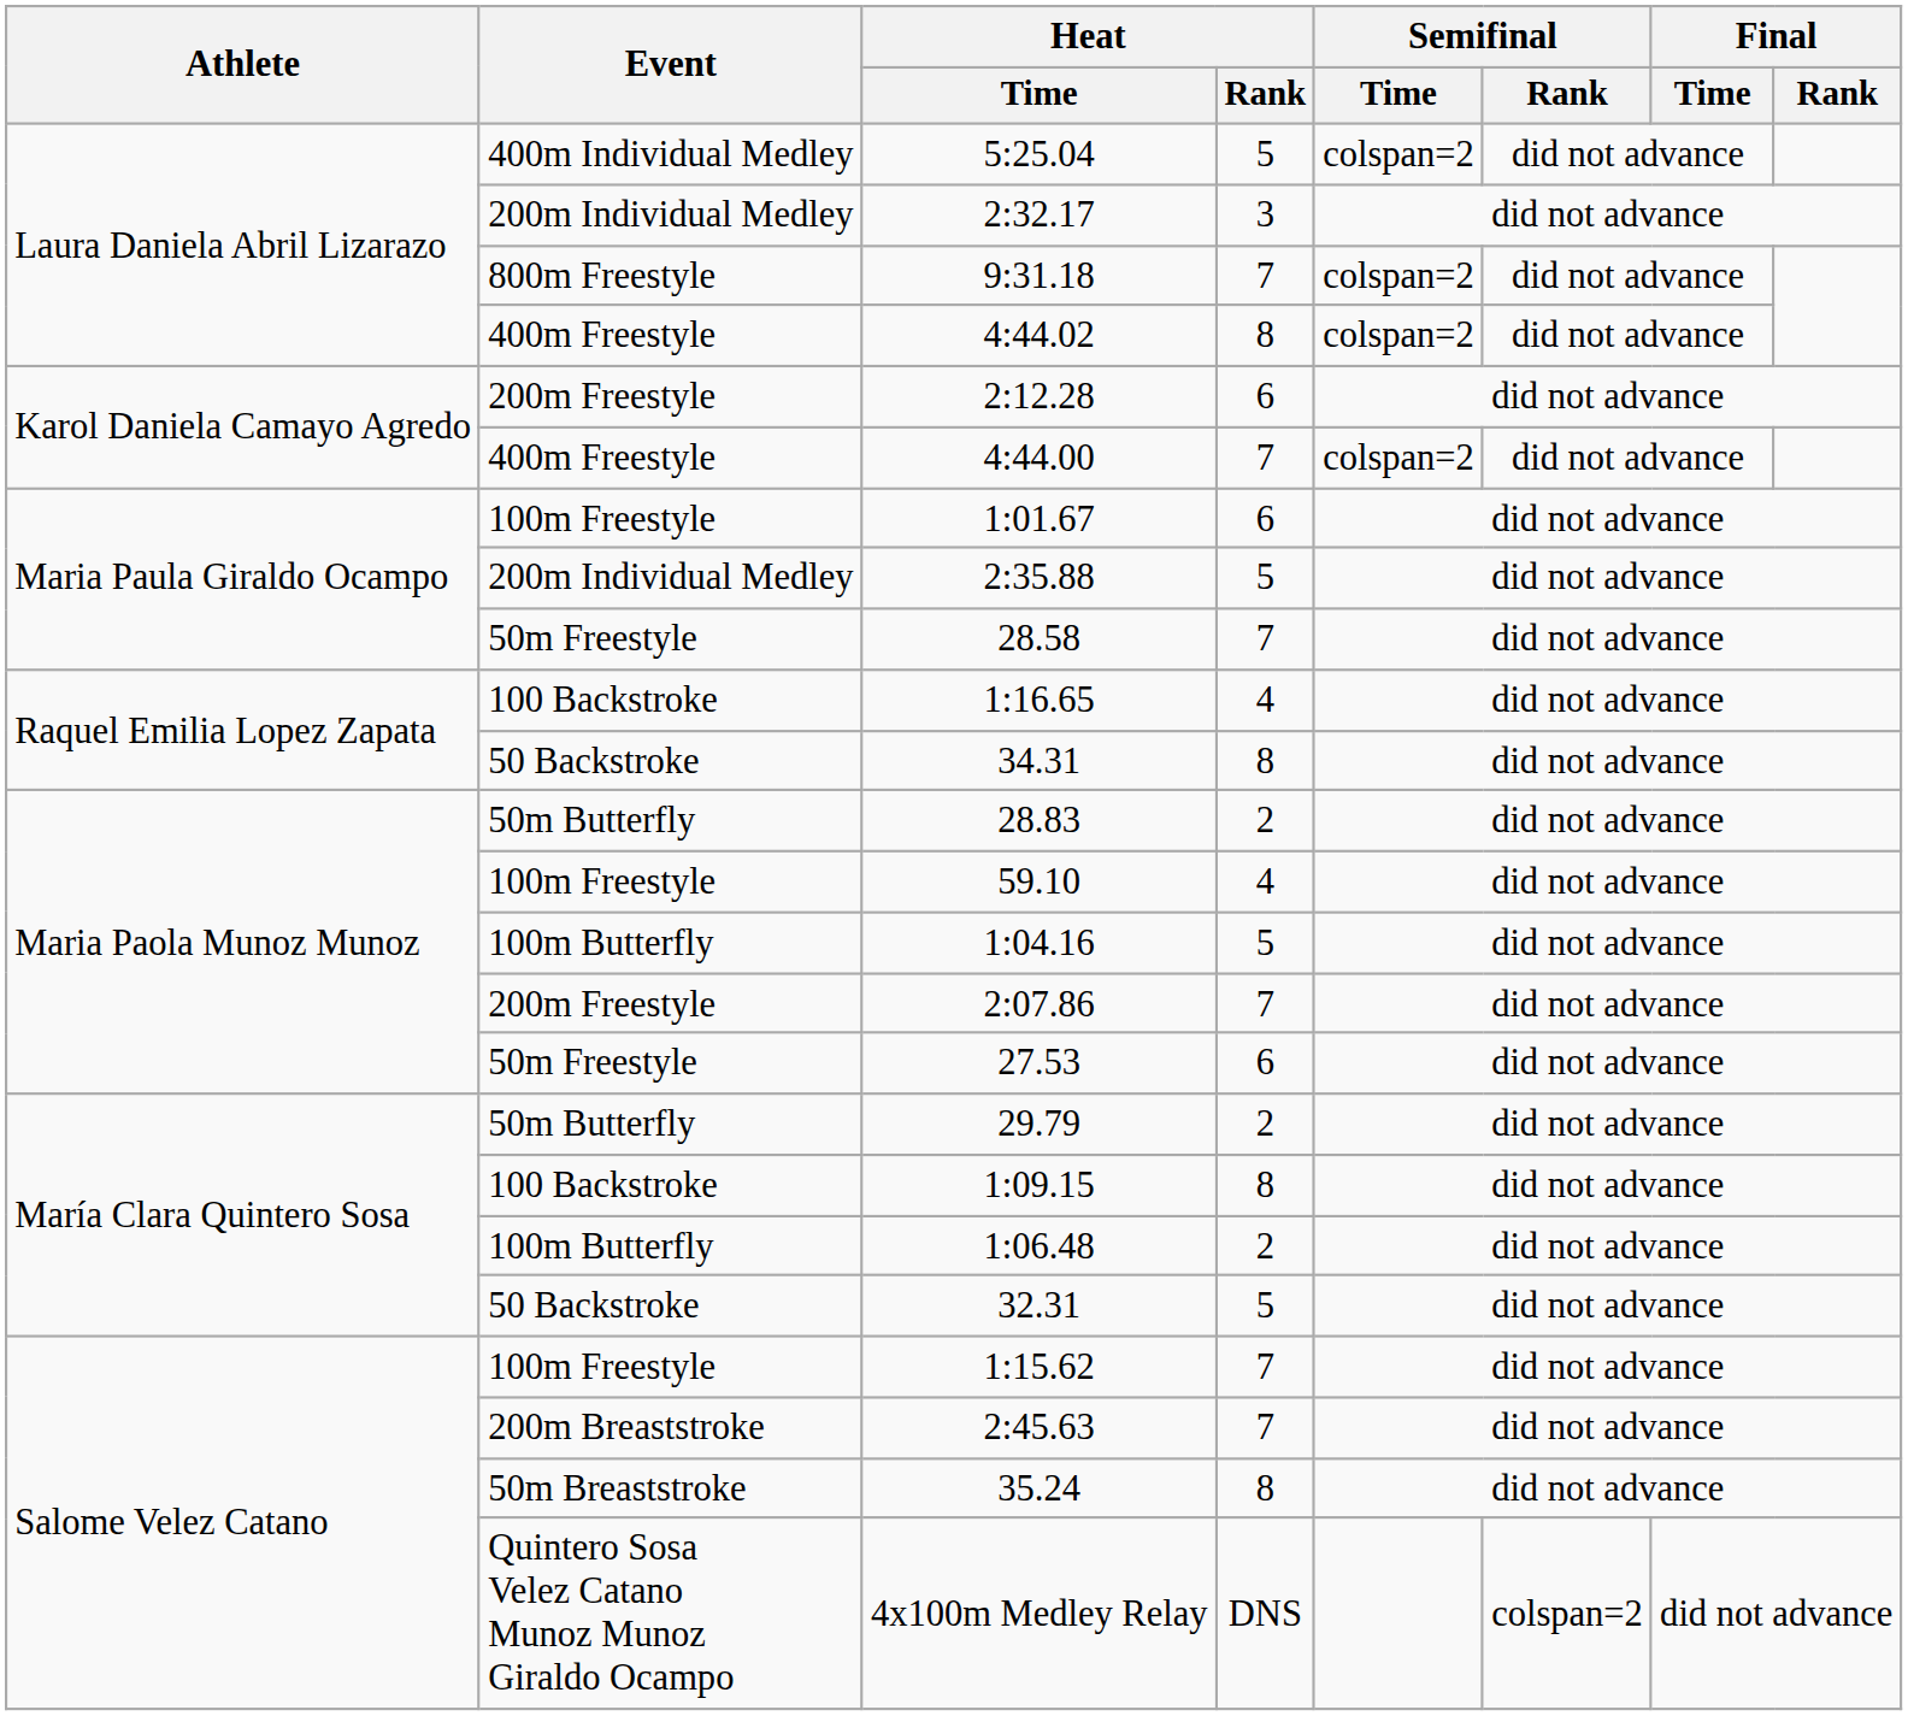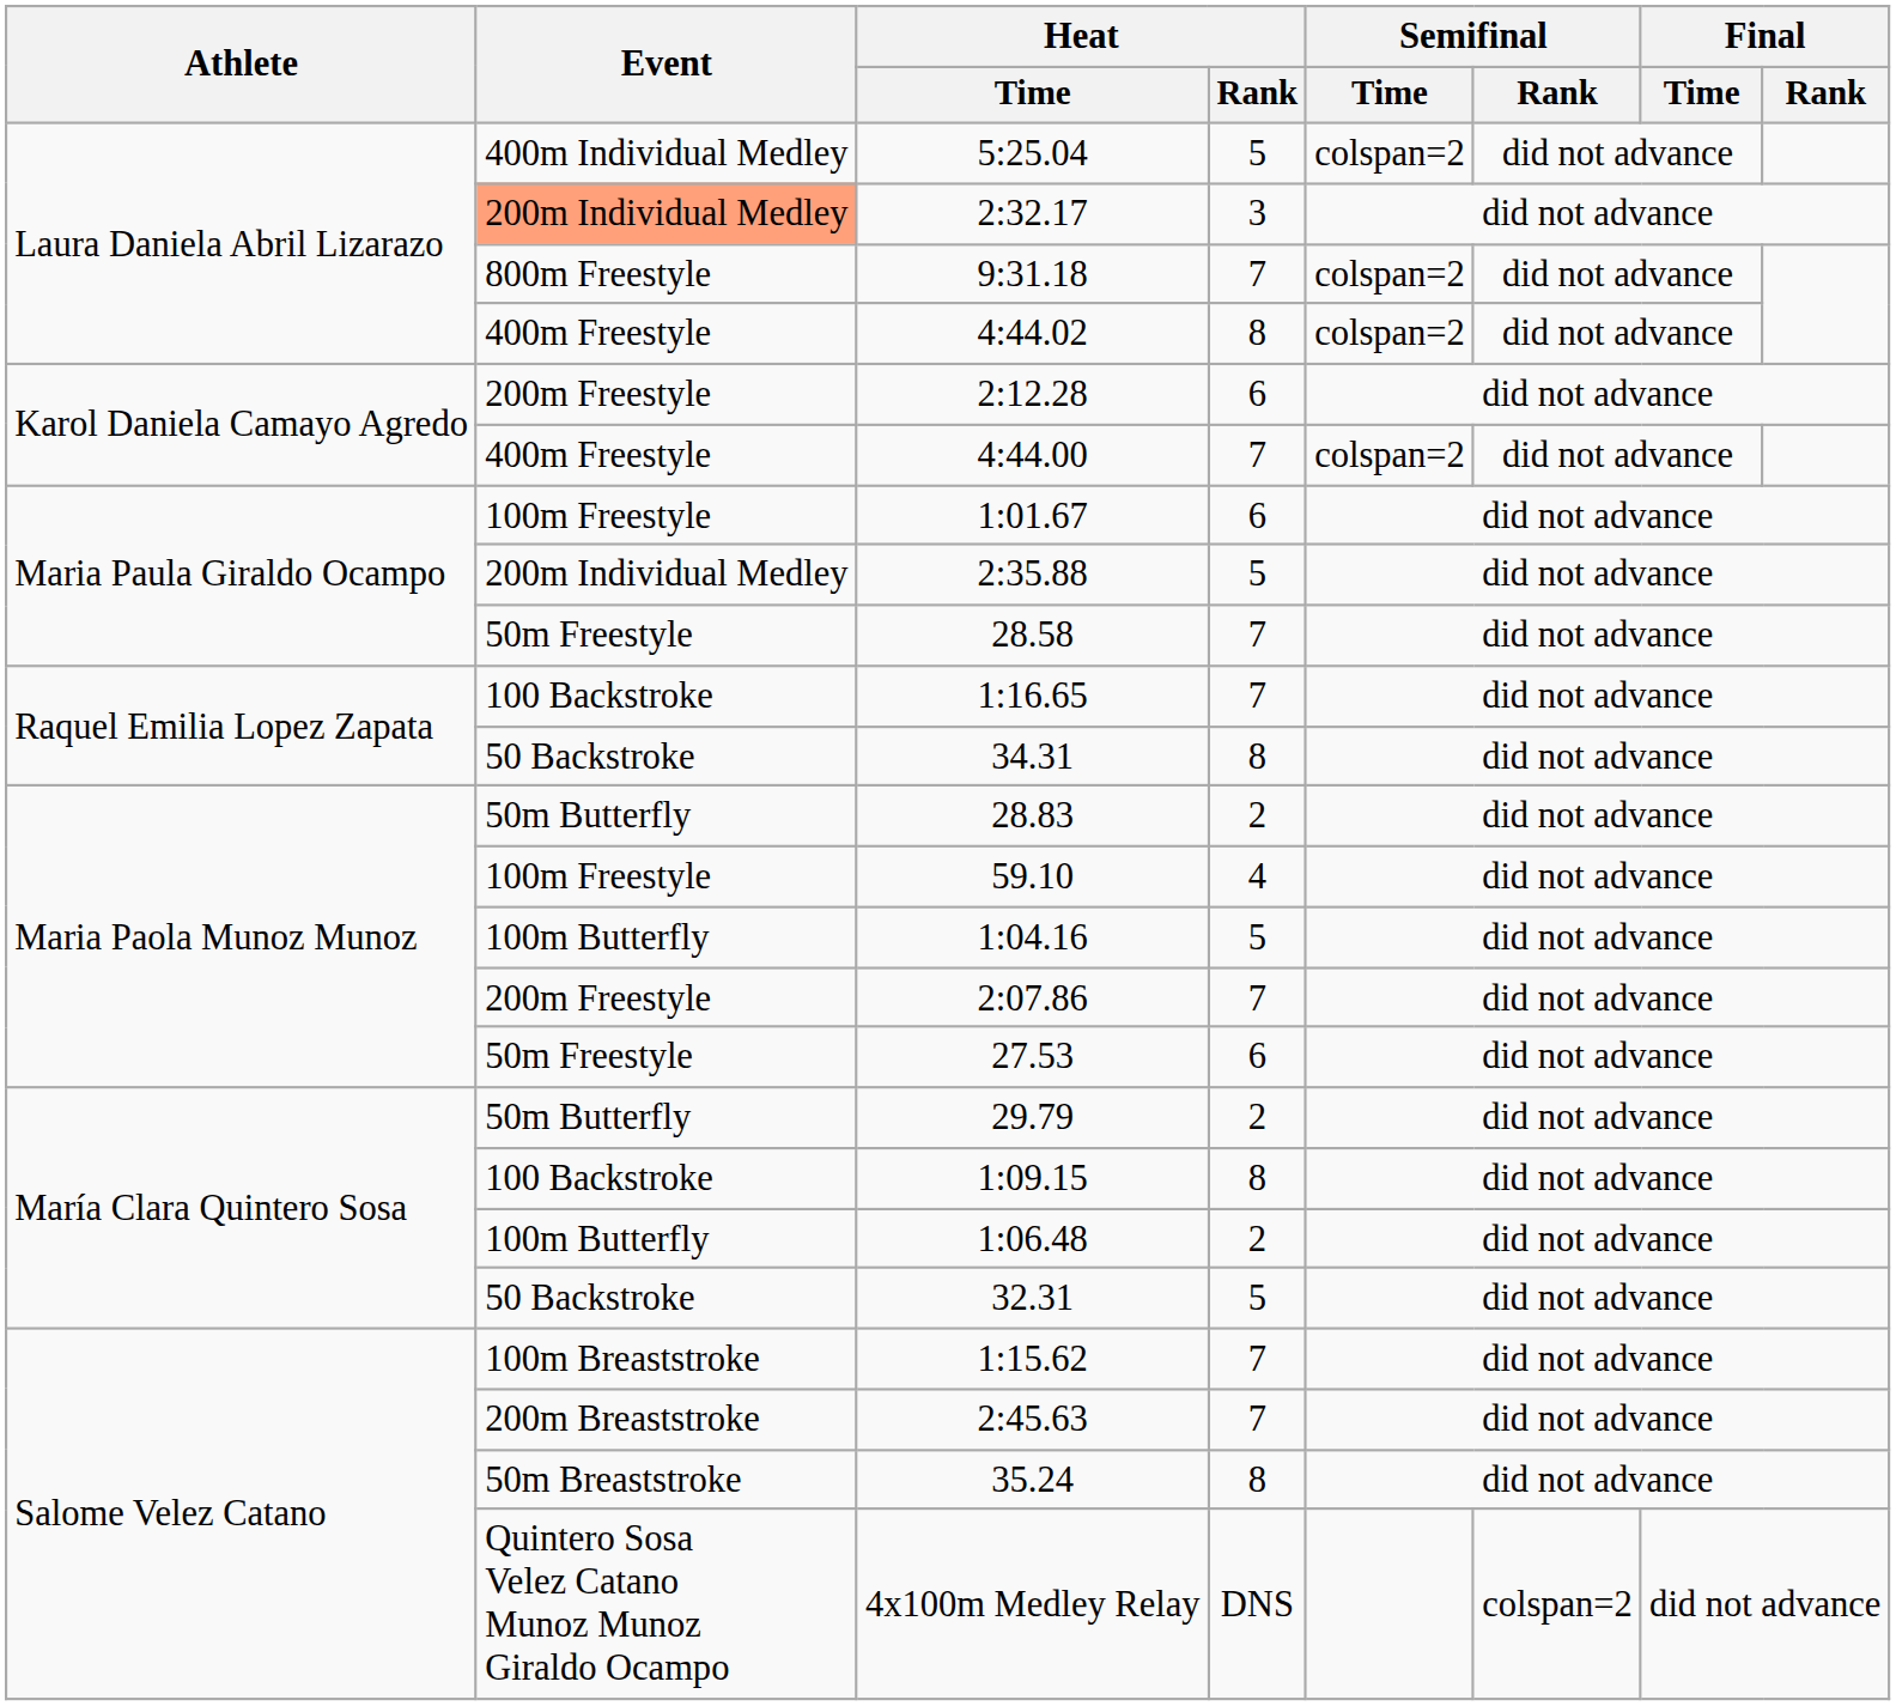 <table class=wikitable style="font-size:90%">
 <tr>
 <th rowspan="2">Athlete</th>
 <th rowspan="2">Event</th>
 <th colspan="2">Heat</th>
 <th colspan="2">Semifinal</th>
 <th colspan="2">Final</th>
 </tr>
 <tr style="font-size:95%">
 <th>Time</th>
 <th>Rank</th>
 <th>Time</th>
 <th>Rank</th>
 <th>Time</th>
 <th>Rank</th>
 </tr>
 <tr align=center>
 <td align=left rowspan=4>Laura Daniela Abril Lizarazo</td>
 <td align=left>400m Individual Medley</td>
 <td>5:25.04</td>
 <td>5</td>
 <td>colspan=2 </td>
 <td colspan=2>did not advance</td>
 </tr>
 <tr align=center>
-<td align=left>200m Individual Medley</td>
+<td align=left style="background: lightsalmon;">200m Individual Medley</td>
 <td>2:32.17</td>
 <td>3</td>
 <td colspan=4>did not advance</td>
 </tr>
 <tr align=center>
 <td align=left>800m Freestyle</td>
 <td>9:31.18</td>
 <td>7</td>
 <td>colspan=2 </td>
 <td colspan=2>did not advance</td>
 </tr>
 <tr align=center>
 <td align=left>400m Freestyle</td>
 <td>4:44.02</td>
 <td>8</td>
 <td>colspan=2 </td>
 <td colspan=2>did not advance</td>
 </tr>
 <tr align=center>
 <td align=left rowspan=2>Karol Daniela Camayo Agredo</td>
 <td align=left>200m Freestyle</td>
 <td>2:12.28</td>
 <td>6</td>
 <td colspan=4>did not advance</td>
 </tr>
 <tr align=center>
 <td align=left>400m Freestyle</td>
 <td>4:44.00</td>
 <td>7</td>
 <td>colspan=2 </td>
 <td colspan=2>did not advance</td>
 </tr>
 <tr align=center>
 <td align=left rowspan=3>Maria Paula Giraldo Ocampo</td>
 <td align=left>100m Freestyle</td>
 <td>1:01.67</td>
 <td>6</td>
 <td colspan=4>did not advance</td>
 </tr>
 <tr align=center>
 <td align=left>200m Individual Medley</td>
 <td>2:35.88</td>
 <td>5</td>
 <td colspan=4>did not advance</td>
 </tr>
 <tr align=center>
 <td align=left>50m Freestyle</td>
 <td>28.58</td>
 <td>7</td>
 <td colspan=4>did not advance</td>
 </tr>
 <tr align=center>
 <td align=left rowspan=2>Raquel Emilia Lopez Zapata</td>
 <td align=left>100 Backstroke</td>
 <td>1:16.65</td>
-<td>4</td>
+<td>7</td>
 <td colspan=4>did not advance</td>
 </tr>
 <tr align=center>
 <td align=left>50 Backstroke</td>
 <td>34.31</td>
 <td>8</td>
 <td colspan=4>did not advance</td>
 </tr>
 <tr align=center>
 <td align=left rowspan=5>Maria Paola Munoz Munoz</td>
 <td align=left>50m Butterfly</td>
 <td>28.83</td>
 <td>2</td>
 <td colspan=4>did not advance</td>
 </tr>
 <tr align=center>
 <td align=left>100m Freestyle</td>
 <td>59.10</td>
 <td>4</td>
 <td colspan=4>did not advance</td>
 </tr>
 <tr align=center>
 <td align=left>100m Butterfly</td>
 <td>1:04.16</td>
 <td>5</td>
 <td colspan=4>did not advance</td>
 </tr>
 <tr align=center>
 <td align=left>200m Freestyle</td>
 <td>2:07.86</td>
 <td>7</td>
 <td colspan=4>did not advance</td>
 </tr>
 <tr align=center>
 <td align=left>50m Freestyle</td>
 <td>27.53</td>
 <td>6</td>
 <td colspan=4>did not advance</td>
 </tr>
 <tr align=center>
 <td align=left rowspan=4>María Clara Quintero Sosa</td>
 <td align=left>50m Butterfly</td>
 <td>29.79</td>
 <td>2</td>
 <td colspan=4>did not advance</td>
 </tr>
 <tr align=center>
 <td align=left>100 Backstroke</td>
 <td>1:09.15</td>
 <td>8</td>
 <td colspan=4>did not advance</td>
 </tr>
 <tr align=center>
 <td align=left>100m Butterfly</td>
 <td>1:06.48</td>
 <td>2</td>
 <td colspan=4>did not advance</td>
 </tr>
 <tr align=center>
 <td align=left>50 Backstroke</td>
 <td>32.31</td>
 <td>5</td>
 <td colspan=4>did not advance</td>
 </tr>
 <tr align=center>
 <td align=left rowspan=4>Salome Velez Catano</td>
-<td align=left>100m Freestyle</td>
+<td align=left>100m Breaststroke</td>
 <td>1:15.62</td>
 <td>7</td>
 <td colspan=4>did not advance</td>
 </tr>
 <tr align=center>
 <td align=left>200m Breaststroke</td>
 <td>2:45.63</td>
 <td>7</td>
 <td colspan=4>did not advance</td>
 </tr>
 <tr align=center>
 <td align=left>50m Breaststroke</td>
 <td>35.24</td>
 <td>8</td>
 <td colspan=4>did not advance</td>
 </tr>
 <tr align=center>
 <td align=left rowspan=4>Quintero Sosa<br>Velez Catano<br>Munoz Munoz<br>Giraldo Ocampo</td>
 <td align=left>4x100m Medley Relay</td>
 <td>DNS</td>
 <td></td>
 <td>colspan=2 </td>
 <td colspan=2>did not advance</td>
 </tr>
 </table>
